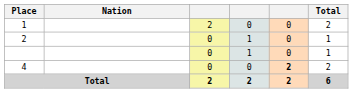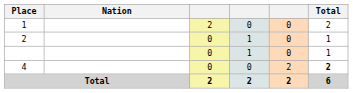 <table class=wikitable style="border:1px solid #AAAAAA;font-size:90%">
 <tr bgcolor="#EFEFEF">
 <th width=50>Place</th>
 <th width=200>Nation</th>
 <th width=50></th>
 <th width=50></th>
 <th width=50></th>
 <th width=50>Total</th>
 </tr>
 <tr align="center" valign="top" bgcolor="#FFFFFF">
 <td>1</td>
 <td align="left"></td>
 <td style="background:#F7F6A8;">2</td>
 <td style="background:#DCE5E5;">0</td>
 <td style="background:#FFDAB9;">0</td>
 <td>2</td>
 </tr>
 <tr align="center" valign="top" bgcolor="#FFFFFF">
 <td>2</td>
 <td align="left"></td>
 <td style="background:#F7F6A8;">0</td>
 <td style="background:#DCE5E5;">1</td>
 <td style="background:#FFDAB9;">0</td>
 <td>1</td>
 </tr>
 <tr align="center" valign="top" bgcolor="#FFFFFF">
 <td></td>
 <td align="left"></td>
 <td style="background:#F7F6A8;">0</td>
 <td style="background:#DCE5E5;">1</td>
 <td style="background:#FFDAB9;">0</td>
 <td>1</td>
 </tr>
 <tr align="center" valign="top" bgcolor="#FFFFFF">
 <td>4</td>
 <td align="left"></td>
 <td style="background:#F7F6A8;">0</td>
 <td style="background:#DCE5E5;">0</td>
-<td style="background:#FFDAB9;"><strong>2</strong></td>
-<td>2</td>
+<td style="background:#FFDAB9;">2</td>
+<td><strong>2</strong></td>
 </tr>
 <tr align="center">
 <td colspan="2" bgcolor=D3D3D3><strong>Total</strong></td>
 <td style="background:#F7F6A8;"><strong>2</strong></td>
 <td style="background:#DCE5E5;"><strong>2</strong></td>
 <td style="background:#FFDAB9;"><strong>2</strong></td>
 <td bgcolor=D3D3D3><strong>6</strong></td>
 </tr>
 </table>
